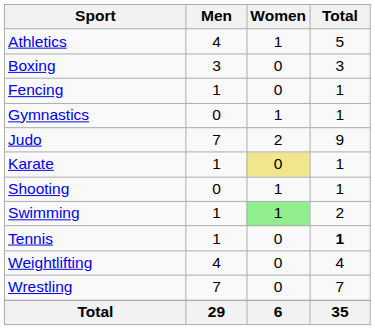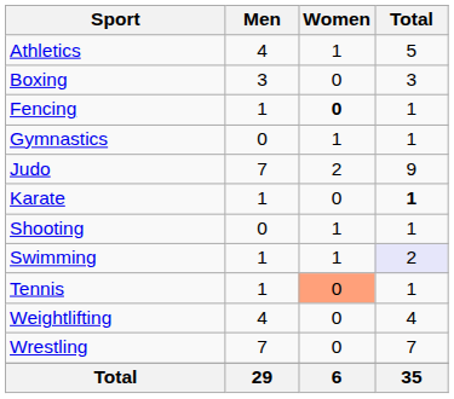 <table class="wikitable sortable" style="text-align:center;">
 <tr>
 <th width=180>Sport</th>
 <th width=55>Men</th>
 <th width=55>Women</th>
 <th width=55>Total</th>
 </tr>
 <tr>
 <td align=left><a href='#'>Athletics</a></td>
 <td>4</td>
 <td>1</td>
 <td>5</td>
 </tr>
 <tr>
 <td align=left><a href='#'>Boxing</a></td>
 <td>3</td>
 <td>0</td>
 <td>3</td>
 </tr>
 <tr>
 <td align=left><a href='#'>Fencing</a></td>
 <td>1</td>
-<td>0</td>
+<td><strong>0</strong></td>
 <td>1</td>
 </tr>
 <tr>
 <td align=left><a href='#'>Gymnastics</a></td>
 <td>0</td>
 <td>1</td>
 <td>1</td>
 </tr>
 <tr>
 <td align=left><a href='#'>Judo</a></td>
 <td>7</td>
 <td>2</td>
 <td>9</td>
 </tr>
 <tr>
 <td align=left><a href='#'>Karate</a></td>
 <td>1</td>
-<td style="background: khaki;">0</td>
-<td>1</td>
+<td>0</td>
+<td><strong>1</strong></td>
 </tr>
 <tr>
 <td align=left><a href='#'>Shooting</a></td>
 <td>0</td>
 <td>1</td>
 <td>1</td>
 </tr>
 <tr>
 <td align=left><a href='#'>Swimming</a></td>
 <td>1</td>
-<td style="background: lightgreen;">1</td>
-<td>2</td>
+<td>1</td>
+<td style="background: lavender;">2</td>
 </tr>
 <tr>
 <td align=left><a href='#'>Tennis</a></td>
 <td>1</td>
-<td>0</td>
-<td><strong>1</strong></td>
+<td style="background: lightsalmon;">0</td>
+<td>1</td>
 </tr>
 <tr>
 <td align=left><a href='#'>Weightlifting</a></td>
 <td>4</td>
 <td>0</td>
 <td>4</td>
 </tr>
 <tr>
 <td align=left><a href='#'>Wrestling</a></td>
 <td>7</td>
 <td>0</td>
 <td>7</td>
 </tr>
 <tr>
 </tr>
 <tr class="sortbottom">
 <th>Total</th>
 <th>29</th>
 <th>6</th>
 <th>35</th>
 </tr>
 </table>
